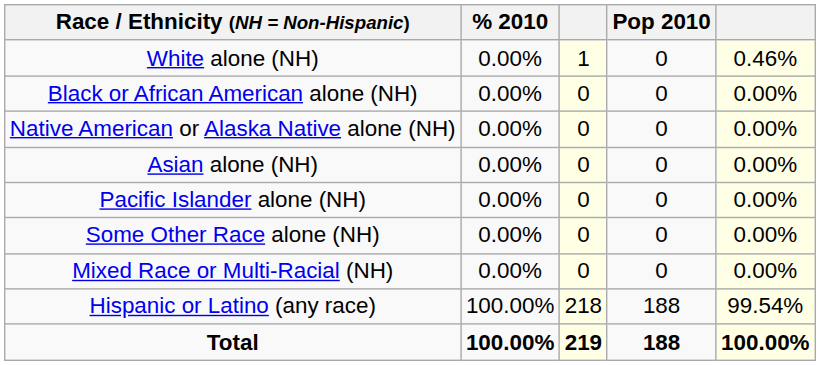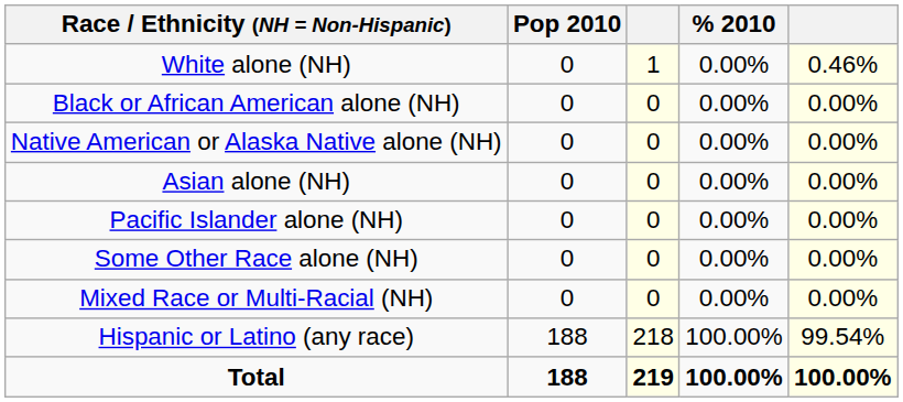 <table class="wikitable" style="text-align:center;">
 <tr>
 <th>Race / Ethnicity <small>(<em>NH = Non-Hispanic</em>)</small></th>
+<th>Pop 2010</th>
+<th></th>
 <th>% 2010</th>
-<th></th>
-<th>Pop 2010</th>
 <th></th>
 </tr>
 <tr>
 <td><a href='#'>White</a> alone (NH)</td>
+<td>0</td>
+<td style='background: #ffffe6;'>1</td>
 <td>0.00%</td>
-<td style='background: #ffffe6;'>1</td>
-<td>0</td>
 <td style='background: #ffffe6;'>0.46%</td>
 </tr>
 <tr>
 <td><a href='#'>Black or African American</a> alone (NH)</td>
+<td>0</td>
+<td style='background: #ffffe6;'>0</td>
 <td>0.00%</td>
-<td style='background: #ffffe6;'>0</td>
-<td>0</td>
 <td style='background: #ffffe6;'>0.00%</td>
 </tr>
 <tr>
 <td><a href='#'>Native American</a> or <a href='#'>Alaska Native</a> alone (NH)</td>
+<td>0</td>
+<td style='background: #ffffe6;'>0</td>
 <td>0.00%</td>
-<td style='background: #ffffe6;'>0</td>
-<td>0</td>
 <td style='background: #ffffe6;'>0.00%</td>
 </tr>
 <tr>
 <td><a href='#'>Asian</a> alone (NH)</td>
+<td>0</td>
+<td style='background: #ffffe6;'>0</td>
 <td>0.00%</td>
-<td style='background: #ffffe6;'>0</td>
-<td>0</td>
 <td style='background: #ffffe6;'>0.00%</td>
 </tr>
 <tr>
 <td><a href='#'>Pacific Islander</a> alone (NH)</td>
+<td>0</td>
+<td style='background: #ffffe6;'>0</td>
 <td>0.00%</td>
-<td style='background: #ffffe6;'>0</td>
-<td>0</td>
 <td style='background: #ffffe6;'>0.00%</td>
 </tr>
 <tr>
 <td><a href='#'>Some Other Race</a> alone (NH)</td>
+<td>0</td>
+<td style='background: #ffffe6;'>0</td>
 <td>0.00%</td>
-<td style='background: #ffffe6;'>0</td>
-<td>0</td>
 <td style='background: #ffffe6;'>0.00%</td>
 </tr>
 <tr>
 <td><a href='#'>Mixed Race or Multi-Racial</a> (NH)</td>
+<td>0</td>
+<td style='background: #ffffe6;'>0</td>
 <td>0.00%</td>
-<td style='background: #ffffe6;'>0</td>
-<td>0</td>
 <td style='background: #ffffe6;'>0.00%</td>
 </tr>
 <tr>
 <td><a href='#'>Hispanic or Latino</a> (any race)</td>
+<td>188</td>
+<td style='background: #ffffe6;'>218</td>
 <td>100.00%</td>
-<td style='background: #ffffe6;'>218</td>
-<td>188</td>
 <td style='background: #ffffe6;'>99.54%</td>
 </tr>
 <tr>
 <td><strong>Total</strong></td>
+<td><strong>188</strong></td>
+<td style='background: #ffffe6;'><strong>219</strong></td>
 <td><strong>100.00%</strong></td>
-<td style='background: #ffffe6;'><strong>219</strong></td>
-<td><strong>188</strong></td>
 <td style='background: #ffffe6;'><strong>100.00%</strong></td>
 </tr>
 </table>
